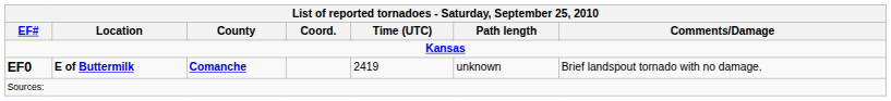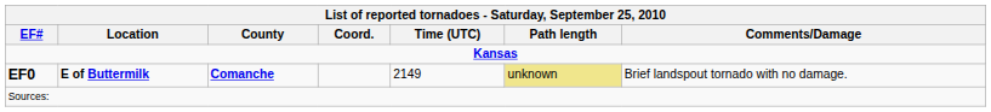 <table class="wikitable collapsible" width="100%">
 <tr>
 <th colspan="7">List of reported tornadoes - Saturday, September 25, 2010</th>
 </tr>
 <tr>
 <th><a href='#'>EF#</a></th>
 <th>Location</th>
 <th>County</th>
 <th>Coord.</th>
 <th>Time (UTC)</th>
 <th>Path length</th>
 <th>Comments/Damage</th>
 </tr>
 <tr>
 <td colspan="7" align=center><strong><a href='#'>Kansas</a></strong></td>
 </tr>
 <tr>
 <td><big><strong>EF0</strong></big></td>
 <td><strong>E of <a href='#'>Buttermilk</a></strong></td>
 <td><strong><a href='#'>Comanche</a></strong></td>
 <td></td>
-<td>2419</td>
-<td>unknown</td>
+<td>2149</td>
+<td style="background: khaki;">unknown</td>
 <td>Brief landspout tornado with no damage.</td>
 </tr>
 <tr>
 <td colspan="7"><small>Sources:<br></small></td>
 </tr>
 </table>
